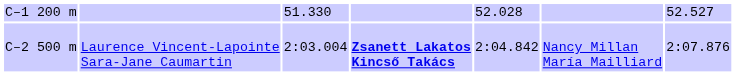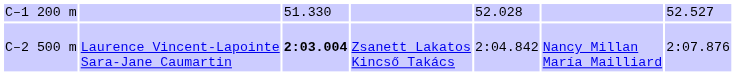 <table>
 <tr bgcolor=ccccff>
 <td>C–1 200 m</td>
 <td></td>
 <td>51.330</td>
 <td></td>
 <td>52.028</td>
 <td></td>
 <td>52.527</td>
 </tr>
 <tr bgcolor=ccccff>
 <td>C–2 500 m</td>
 <td><br><a href='#'>Laurence Vincent-Lapointe</a><br><a href='#'>Sara-Jane Caumartin</a></td>
-<td>2:03.004</td>
-<td><strong><br><a href='#'>Zsanett Lakatos</a><br><a href='#'>Kincső Takács</a></strong></td>
+<td><strong>2:03.004</strong></td>
+<td><br><a href='#'>Zsanett Lakatos</a><br><a href='#'>Kincső Takács</a></td>
 <td>2:04.842</td>
 <td><br><a href='#'>Nancy Millan</a><br><a href='#'>María Mailliard</a></td>
 <td>2:07.876</td>
 </tr>
 </table>
